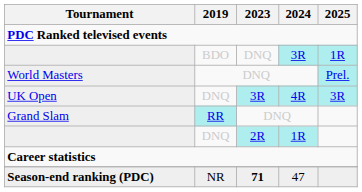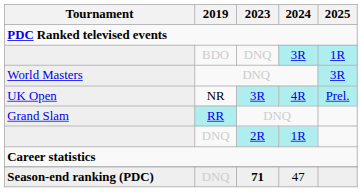 <table class="wikitable" style="width:50%; margin:0">
 <tr>
 <th>Tournament</th>
 <th>2019</th>
 <th>2023</th>
 <th>2024</th>
 <th>2025</th>
 </tr>
 <tr>
 <td colspan="31" align="left"><strong><a href='#'>PDC</a> Ranked televised events</strong></td>
 </tr>
 <tr>
 <td style="background:#efefef;"></td>
 <td style="text-align:center; color:#ccc;">BDO</td>
 <td style="text-align:center; color:#ccc;">DNQ</td>
 <td style="text-align:center; background:#afeeee;"><a href='#'>3R</a></td>
 <td style="text-align:center; background:#afeeee;"><a href='#'>1R</a></td>
 </tr>
 <tr>
 <td style="background:#efefef;"><a href='#'>World Masters</a></td>
 <td colspan="3" style="text-align:center; color:#ccc;">DNQ</td>
-<td style="text-align:center; background:#afeeee;"><a href='#'>Prel.</a></td>
+<td style="text-align:center; background:#afeeee;"><a href='#'>3R</a></td>
 </tr>
 <tr>
 <td style="background:#efefef;"><a href='#'>UK Open</a></td>
-<td style="text-align:center; color:#ccc;">DNQ</td>
+<td style="text-align:center;">NR</td>
 <td style="text-align:center; background:#afeeee;"><a href='#'>3R</a></td>
 <td style="text-align:center; background:#afeeee;"><a href='#'>4R</a></td>
-<td style="text-align:center; background:#afeeee;"><a href='#'>3R</a></td>
+<td style="text-align:center; background:#afeeee;"><a href='#'>Prel.</a></td>
 </tr>
 <tr>
 <td style="background:#efefef;"><a href='#'>Grand Slam</a></td>
 <td style="text-align:center; background:#afeeee;"><a href='#'>RR</a></td>
 <td colspan="2" style="text-align:center; color:#ccc;">DNQ</td>
 <td></td>
 </tr>
 <tr>
 <td style="background:#efefef;"></td>
 <td style="text-align:center; color:#ccc;">DNQ</td>
 <td style="text-align:center; background:#afeeee;"><a href='#'>2R</a></td>
 <td style="text-align:center; background:#afeeee;"><a href='#'>1R</a></td>
 <td></td>
 </tr>
 <tr>
 <td colspan="30" align="left"><strong>Career statistics</strong></td>
 </tr>
 <tr>
 </tr>
 <tr bgcolor="efefef">
 <td align="left"><strong>Season-end ranking (PDC)</strong></td>
-<td style="text-align:center;">NR</td>
+<td style="text-align:center; color:#ccc;">DNQ</td>
 <td style="text-align:center;"><strong>71</strong></td>
 <td style="text-align:center;">47</td>
 <td></td>
 </tr>
 </table>
